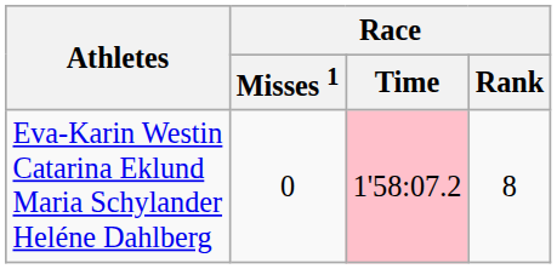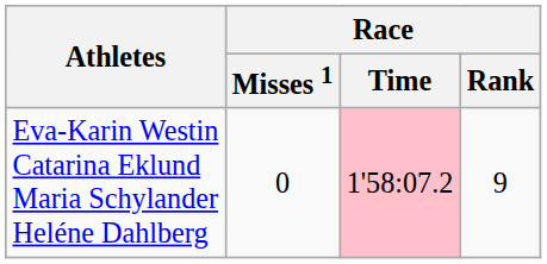 <table class="wikitable" border="1" style="font-size:90%">
 <tr>
 <th rowspan=2>Athletes</th>
 <th colspan=3>Race</th>
 </tr>
 <tr>
 <th>Misses <sup>1</sup></th>
 <th>Time</th>
 <th>Rank</th>
 </tr>
 <tr>
 <td><a href='#'>Eva-Karin Westin</a><br><a href='#'>Catarina Eklund</a><br><a href='#'>Maria Schylander</a><br><a href='#'>Heléne Dahlberg</a></td>
 <td align=center>0</td>
 <td align=center style="background: pink;">1'58:07.2</td>
-<td align=center>8</td>
+<td align=center>9</td>
 </tr>
 </table>
